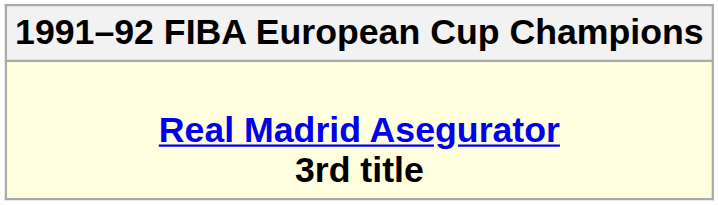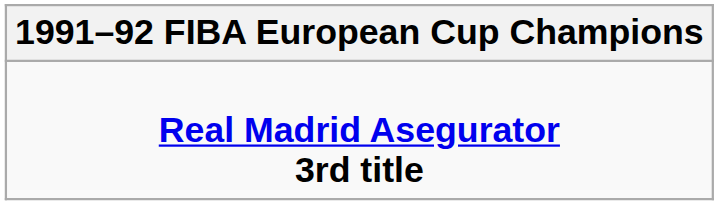 <table class=wikitable style="text-align:center; margin:auto">
 <tr>
 <th>1991–92 FIBA European Cup Champions</th>
 </tr>
 <tr>
-<td style="background: lightyellow;"><br> <strong><a href='#'>Real Madrid Asegurator</a></strong> <br> <strong>3rd title</strong></td>
+<td><br> <strong><a href='#'>Real Madrid Asegurator</a></strong> <br> <strong>3rd title</strong></td>
 </tr>
 </table>
